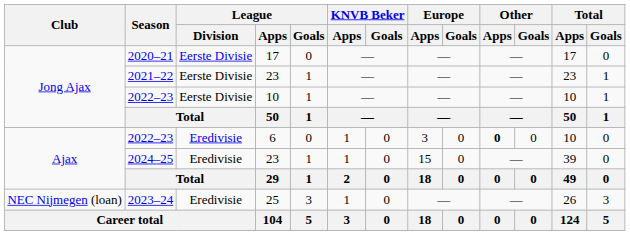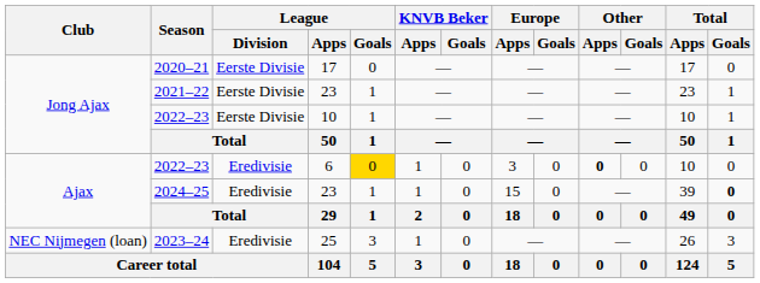 <table class="wikitable" style="text-align:center">
 <tr>
 <th rowspan="2">Club</th>
 <th rowspan="2">Season</th>
 <th colspan="3">League</th>
 <th colspan="2"><a href='#'>KNVB Beker</a></th>
 <th colspan="2">Europe</th>
 <th colspan="2">Other</th>
 <th colspan="2">Total</th>
 </tr>
 <tr>
 <th>Division</th>
 <th>Apps</th>
 <th>Goals</th>
 <th>Apps</th>
 <th>Goals</th>
 <th>Apps</th>
 <th>Goals</th>
 <th>Apps</th>
 <th>Goals</th>
 <th>Apps</th>
 <th>Goals</th>
 </tr>
 <tr>
 <td rowspan="4"><a href='#'>Jong Ajax</a></td>
 <td><a href='#'>2020–21</a></td>
 <td><a href='#'>Eerste Divisie</a></td>
 <td>17</td>
 <td>0</td>
 <td colspan="2">—</td>
 <td colspan="2">—</td>
 <td colspan="2">—</td>
 <td>17</td>
 <td>0</td>
 </tr>
 <tr>
 <td><a href='#'>2021–22</a></td>
 <td>Eerste Divisie</td>
 <td>23</td>
 <td>1</td>
 <td colspan="2">—</td>
 <td colspan="2">—</td>
 <td colspan="2">—</td>
 <td>23</td>
 <td>1</td>
 </tr>
 <tr>
 <td><a href='#'>2022–23</a></td>
 <td>Eerste Divisie</td>
 <td>10</td>
 <td>1</td>
 <td colspan="2">—</td>
 <td colspan="2">—</td>
 <td colspan="2">—</td>
 <td>10</td>
 <td>1</td>
 </tr>
 <tr>
 <th colspan="2">Total</th>
 <th>50</th>
 <th>1</th>
 <th colspan="2">—</th>
 <th colspan="2">—</th>
 <th colspan="2">—</th>
 <th>50</th>
 <th>1</th>
 </tr>
 <tr>
 <td rowspan="3"><a href='#'>Ajax</a></td>
 <td><a href='#'>2022–23</a></td>
 <td><a href='#'>Eredivisie</a></td>
 <td>6</td>
-<td>0</td>
+<td style="background: gold;">0</td>
 <td>1</td>
 <td>0</td>
 <td>3</td>
 <td>0</td>
 <td><strong>0</strong></td>
 <td>0</td>
 <td>10</td>
 <td>0</td>
 </tr>
 <tr>
 <td><a href='#'>2024–25</a></td>
 <td>Eredivisie</td>
 <td>23</td>
 <td>1</td>
 <td>1</td>
 <td>0</td>
 <td>15</td>
 <td>0</td>
 <td colspan="2">—</td>
 <td>39</td>
-<td>0</td>
+<td><strong>0</strong></td>
 </tr>
 <tr>
 <th colspan="2">Total</th>
 <th>29</th>
 <th>1</th>
 <th>2</th>
 <th>0</th>
 <th>18</th>
 <th>0</th>
 <th>0</th>
 <th>0</th>
 <th>49</th>
 <th>0</th>
 </tr>
 <tr>
 <td><a href='#'>NEC Nijmegen</a> (loan)</td>
 <td><a href='#'>2023–24</a></td>
 <td>Eredivisie</td>
 <td>25</td>
 <td>3</td>
 <td>1</td>
 <td>0</td>
 <td colspan="2">—</td>
 <td colspan="2">—</td>
 <td>26</td>
 <td>3</td>
 </tr>
 <tr>
 <th colspan="3">Career total</th>
 <th>104</th>
 <th>5</th>
 <th>3</th>
 <th>0</th>
 <th>18</th>
 <th>0</th>
 <th>0</th>
 <th>0</th>
 <th>124</th>
 <th>5</th>
 </tr>
 </table>
